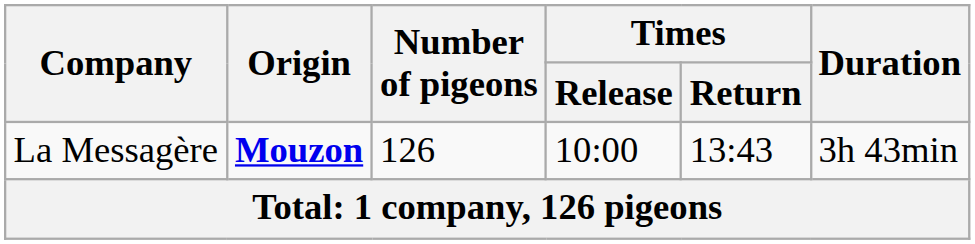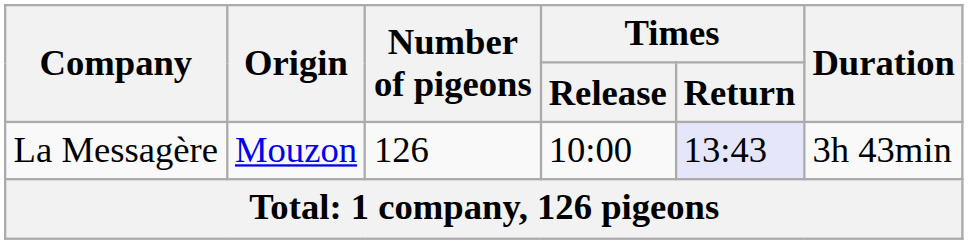 <table class="wikitable">
 <tr>
 <th rowspan="2">Company</th>
 <th rowspan="2">Origin</th>
 <th rowspan="2">Number<br>of pigeons</th>
 <th colspan="2">Times</th>
 <th rowspan="2">Duration</th>
 </tr>
 <tr>
 <th>Release</th>
 <th>Return</th>
 </tr>
 <tr>
 <td>La Messagère</td>
-<td><strong><a href='#'>Mouzon</a></strong></td>
+<td><a href='#'>Mouzon</a></td>
 <td>126</td>
 <td>10:00</td>
-<td>13:43</td>
+<td style="background: lavender;">13:43</td>
 <td>3h 43min</td>
 </tr>
 <tr>
 <th colspan="6">Total: 1 company, 126 pigeons</th>
 </tr>
 </table>
